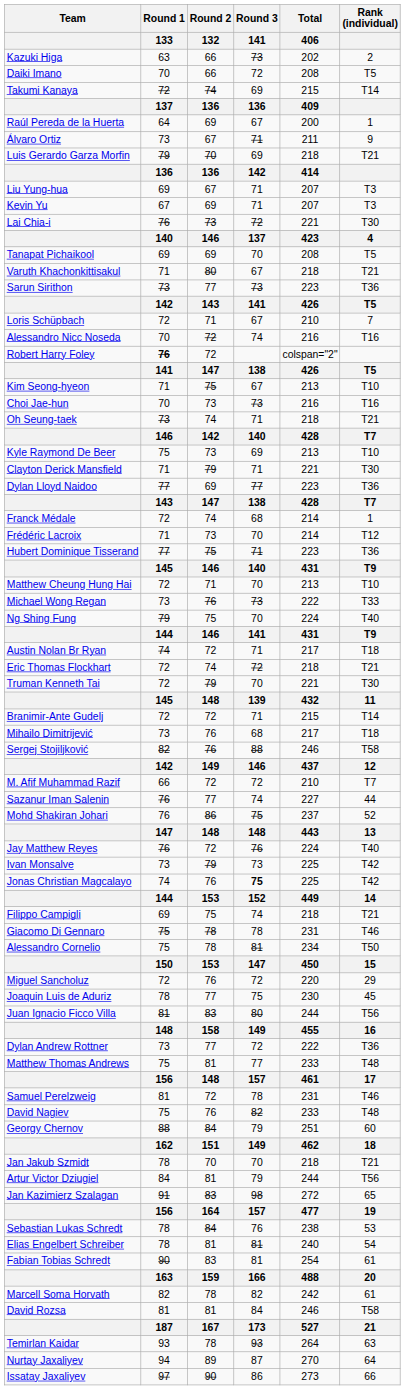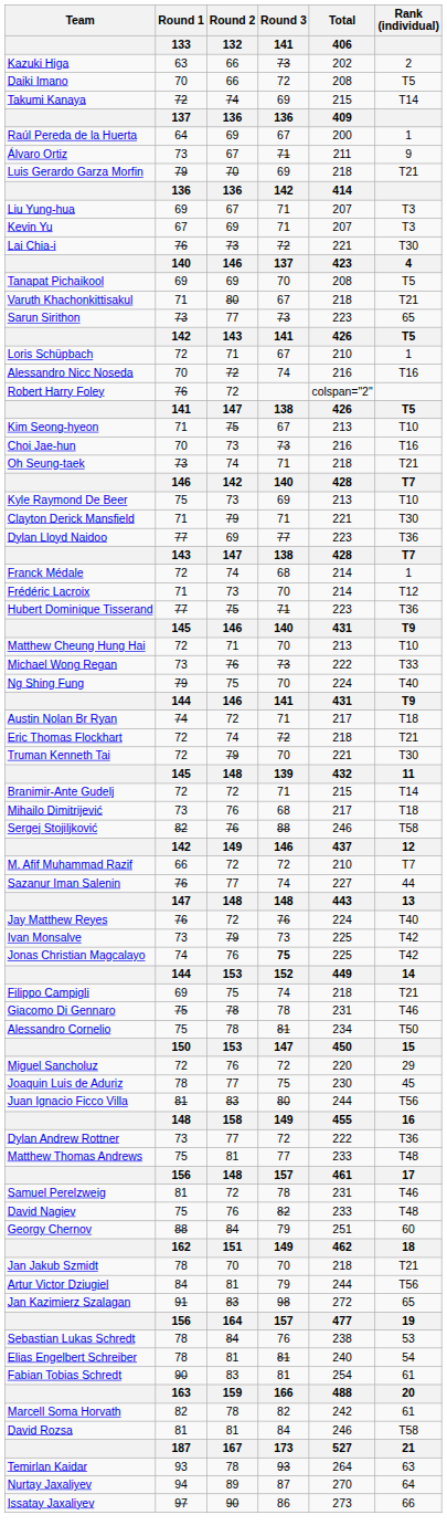 <table class="wikitable" style="text-align:center">
 <tr>
 <th>Team</th>
 <th>Round 1</th>
 <th>Round 2</th>
 <th>Round 3</th>
 <th>Total</th>
 <th>Rank<br>(individual)</th>
 </tr>
 <tr>
 <th></th>
 <th>133</th>
 <th>132</th>
 <th>141</th>
 <th>406</th>
 <th></th>
 </tr>
 <tr>
 <td align="left"><a href='#'>Kazuki Higa</a></td>
 <td>63</td>
 <td>66</td>
 <td><s>73</s></td>
 <td>202</td>
 <td>2</td>
 </tr>
 <tr>
 <td align="left"><a href='#'>Daiki Imano</a></td>
 <td>70</td>
 <td>66</td>
 <td>72</td>
 <td>208</td>
 <td>T5</td>
 </tr>
 <tr>
 <td align="left"><a href='#'>Takumi Kanaya</a></td>
 <td><s>72</s></td>
 <td><s>74</s></td>
 <td>69</td>
 <td>215</td>
 <td>T14</td>
 </tr>
 <tr>
 <th></th>
 <th>137</th>
 <th>136</th>
 <th>136</th>
 <th>409</th>
 <th></th>
 </tr>
 <tr>
 <td align="left"><a href='#'>Raúl Pereda de la Huerta</a></td>
 <td>64</td>
 <td>69</td>
 <td>67</td>
 <td>200</td>
 <td>1</td>
 </tr>
 <tr>
 <td align="left"><a href='#'>Álvaro Ortiz</a></td>
 <td>73</td>
 <td>67</td>
 <td><s>71</s></td>
 <td>211</td>
 <td>9</td>
 </tr>
 <tr>
 <td align="left"><a href='#'>Luis Gerardo Garza Morfin</a></td>
 <td><s>79</s></td>
 <td><s>70</s></td>
 <td>69</td>
 <td>218</td>
 <td>T21</td>
 </tr>
 <tr>
 <th></th>
 <th>136</th>
 <th>136</th>
 <th>142</th>
 <th>414</th>
 <th></th>
 </tr>
 <tr>
 <td align="left"><a href='#'>Liu Yung-hua</a></td>
 <td>69</td>
 <td>67</td>
 <td>71</td>
 <td>207</td>
 <td>T3</td>
 </tr>
 <tr>
 <td align="left"><a href='#'>Kevin Yu</a></td>
 <td>67</td>
 <td>69</td>
 <td>71</td>
 <td>207</td>
 <td>T3</td>
 </tr>
 <tr>
 <td align="left"><a href='#'>Lai Chia-i</a></td>
 <td><s>76</s></td>
 <td><s>73</s></td>
 <td><s>72</s></td>
 <td>221</td>
 <td>T30</td>
 </tr>
 <tr>
 <th></th>
 <th>140</th>
 <th>146</th>
 <th>137</th>
 <th>423</th>
 <th>4</th>
 </tr>
 <tr>
 <td align="left"><a href='#'>Tanapat Pichaikool</a></td>
 <td>69</td>
 <td>69</td>
 <td>70</td>
 <td>208</td>
 <td>T5</td>
 </tr>
 <tr>
 <td align="left"><a href='#'>Varuth Khachonkittisakul</a></td>
 <td>71</td>
 <td><s>80</s></td>
 <td>67</td>
 <td>218</td>
 <td>T21</td>
 </tr>
 <tr>
 <td align="left"><a href='#'>Sarun Sirithon</a></td>
 <td><s>73</s></td>
 <td>77</td>
 <td><s>73</s></td>
 <td>223</td>
-<td>T36</td>
+<td>65</td>
 </tr>
 <tr>
 <th></th>
 <th>142</th>
 <th>143</th>
 <th>141</th>
 <th>426</th>
 <th>T5</th>
 </tr>
 <tr>
 <td align="left"><a href='#'>Loris Schüpbach</a></td>
 <td>72</td>
 <td>71</td>
 <td>67</td>
 <td>210</td>
-<td>7</td>
+<td>1</td>
 </tr>
 <tr>
 <td align="left"><a href='#'>Alessandro Nicc Noseda</a></td>
 <td>70</td>
 <td><s>72</s></td>
 <td>74</td>
 <td>216</td>
 <td>T16</td>
 </tr>
 <tr>
 <td align="left"><a href='#'>Robert Harry Foley</a></td>
-<td><strong><s>76</s></strong></td>
+<td><s>76</s></td>
 <td>72</td>
 <td><strong></strong></td>
 <td>colspan="2" </td>
 </tr>
 <tr>
 <th></th>
 <th>141</th>
 <th>147</th>
 <th>138</th>
 <th>426</th>
 <th>T5</th>
 </tr>
 <tr>
 <td align="left"><a href='#'>Kim Seong-hyeon</a></td>
 <td>71</td>
 <td><s>75</s></td>
 <td>67</td>
 <td>213</td>
 <td>T10</td>
 </tr>
 <tr>
 <td align="left"><a href='#'>Choi Jae-hun</a></td>
 <td>70</td>
 <td>73</td>
 <td><s>73</s></td>
 <td>216</td>
 <td>T16</td>
 </tr>
 <tr>
 <td align="left"><a href='#'>Oh Seung-taek</a></td>
 <td><s>73</s></td>
 <td>74</td>
 <td>71</td>
 <td>218</td>
 <td>T21</td>
 </tr>
 <tr>
 <th></th>
 <th>146</th>
 <th>142</th>
 <th>140</th>
 <th>428</th>
 <th>T7</th>
 </tr>
 <tr>
 <td align="left"><a href='#'>Kyle Raymond De Beer</a></td>
 <td>75</td>
 <td>73</td>
 <td>69</td>
 <td>213</td>
 <td>T10</td>
 </tr>
 <tr>
 <td align="left"><a href='#'>Clayton Derick Mansfield</a></td>
 <td>71</td>
 <td><s>79</s></td>
 <td>71</td>
 <td>221</td>
 <td>T30</td>
 </tr>
 <tr>
 <td align="left"><a href='#'>Dylan Lloyd Naidoo</a></td>
 <td><s>77</s></td>
 <td>69</td>
 <td><s>77</s></td>
 <td>223</td>
 <td>T36</td>
 </tr>
 <tr>
 <th></th>
 <th>143</th>
 <th>147</th>
 <th>138</th>
 <th>428</th>
 <th>T7</th>
 </tr>
 <tr>
 <td align="left"><a href='#'>Franck Médale</a></td>
 <td>72</td>
 <td>74</td>
 <td>68</td>
 <td>214</td>
 <td>1</td>
 </tr>
 <tr>
 <td align="left"><a href='#'>Frédéric Lacroix</a></td>
 <td>71</td>
 <td>73</td>
 <td>70</td>
 <td>214</td>
 <td>T12</td>
 </tr>
 <tr>
 <td align="left"><a href='#'>Hubert Dominique Tisserand</a></td>
 <td><s>77</s></td>
 <td><s>75</s></td>
 <td><s>71</s></td>
 <td>223</td>
 <td>T36</td>
 </tr>
 <tr>
 <th></th>
 <th>145</th>
 <th>146</th>
 <th>140</th>
 <th>431</th>
 <th>T9</th>
 </tr>
 <tr>
 <td align="left"><a href='#'>Matthew Cheung Hung Hai</a></td>
 <td>72</td>
 <td>71</td>
 <td>70</td>
 <td>213</td>
 <td>T10</td>
 </tr>
 <tr>
 <td align="left"><a href='#'>Michael Wong Regan</a></td>
 <td>73</td>
 <td><s>76</s></td>
 <td><s>73</s></td>
 <td>222</td>
 <td>T33</td>
 </tr>
 <tr>
 <td align="left"><a href='#'>Ng Shing Fung</a></td>
 <td><s>79</s></td>
 <td>75</td>
 <td>70</td>
 <td>224</td>
 <td>T40</td>
 </tr>
 <tr>
 <th></th>
 <th>144</th>
 <th>146</th>
 <th>141</th>
 <th>431</th>
 <th>T9</th>
 </tr>
 <tr>
 <td align="left"><a href='#'>Austin Nolan Br Ryan</a></td>
 <td><s>74</s></td>
 <td>72</td>
 <td>71</td>
 <td>217</td>
 <td>T18</td>
 </tr>
 <tr>
 <td align="left"><a href='#'>Eric Thomas Flockhart</a></td>
 <td>72</td>
 <td>74</td>
 <td><s>72</s></td>
 <td>218</td>
 <td>T21</td>
 </tr>
 <tr>
 <td align="left"><a href='#'>Truman Kenneth Tai</a></td>
 <td>72</td>
 <td><s>79</s></td>
 <td>70</td>
 <td>221</td>
 <td>T30</td>
 </tr>
 <tr>
 <th></th>
 <th>145</th>
 <th>148</th>
 <th>139</th>
 <th>432</th>
 <th>11</th>
 </tr>
 <tr>
 <td align="left"><a href='#'>Branimir-Ante Gudelj</a></td>
 <td>72</td>
 <td>72</td>
 <td>71</td>
 <td>215</td>
 <td>T14</td>
 </tr>
 <tr>
 <td align="left"><a href='#'>Mihailo Dimitrijević</a></td>
 <td>73</td>
 <td>76</td>
 <td>68</td>
 <td>217</td>
 <td>T18</td>
 </tr>
 <tr>
 <td align="left"><a href='#'>Sergej Stojiljković</a></td>
 <td><s>82</s></td>
 <td><s>76</s></td>
 <td><s>88</s></td>
 <td>246</td>
 <td>T58</td>
 </tr>
 <tr>
 <th></th>
 <th>142</th>
 <th>149</th>
 <th>146</th>
 <th>437</th>
 <th>12</th>
 </tr>
 <tr>
 <td align="left"><a href='#'>M. Afif Muhammad Razif</a></td>
 <td>66</td>
 <td>72</td>
 <td>72</td>
 <td>210</td>
 <td>T7</td>
 </tr>
 <tr>
 <td align="left"><a href='#'>Sazanur Iman Salenin</a></td>
 <td><s>76</s></td>
 <td>77</td>
 <td>74</td>
 <td>227</td>
 <td>44</td>
-</tr>
-<tr>
-<td align="left"><a href='#'>Mohd Shakiran Johari</a></td>
-<td>76</td>
-<td><s>86</s></td>
-<td><s>75</s></td>
-<td>237</td>
-<td>52</td>
 </tr>
 <tr>
 <th></th>
 <th>147</th>
 <th>148</th>
 <th>148</th>
 <th>443</th>
 <th>13</th>
 </tr>
 <tr>
 <td align="left"><a href='#'>Jay Matthew Reyes</a></td>
 <td><s>76</s></td>
 <td>72</td>
 <td><s>76</s></td>
 <td>224</td>
 <td>T40</td>
 </tr>
 <tr>
 <td align="left"><a href='#'>Ivan Monsalve</a></td>
 <td>73</td>
 <td><s>79</s></td>
 <td>73</td>
 <td>225</td>
 <td>T42</td>
 </tr>
 <tr>
 <td align="left"><a href='#'>Jonas Christian Magcalayo</a></td>
 <td>74</td>
 <td>76</td>
 <td><strong>75</strong></td>
 <td>225</td>
 <td>T42</td>
 </tr>
 <tr>
 <th></th>
 <th>144</th>
 <th>153</th>
 <th>152</th>
 <th>449</th>
 <th>14</th>
 </tr>
 <tr>
 <td align="left"><a href='#'>Filippo Campigli</a></td>
 <td>69</td>
 <td>75</td>
 <td>74</td>
 <td>218</td>
 <td>T21</td>
 </tr>
 <tr>
 <td align="left"><a href='#'>Giacomo Di Gennaro</a></td>
 <td><s>75</s></td>
 <td><s>78</s></td>
 <td>78</td>
 <td>231</td>
 <td>T46</td>
 </tr>
 <tr>
 <td align="left"><a href='#'>Alessandro Cornelio</a></td>
 <td>75</td>
 <td>78</td>
 <td><s>81</s></td>
 <td>234</td>
 <td>T50</td>
 </tr>
 <tr>
 <th></th>
 <th>150</th>
 <th>153</th>
 <th>147</th>
 <th>450</th>
 <th>15</th>
 </tr>
 <tr>
 <td align="left"><a href='#'>Miguel Sancholuz</a></td>
 <td>72</td>
 <td>76</td>
 <td>72</td>
 <td>220</td>
 <td>29</td>
 </tr>
 <tr>
 <td align="left"><a href='#'>Joaquin Luis de Aduriz</a></td>
 <td>78</td>
 <td>77</td>
 <td>75</td>
 <td>230</td>
 <td>45</td>
 </tr>
 <tr>
 <td align="left"><a href='#'>Juan Ignacio Ficco Villa</a></td>
 <td><s>81</s></td>
 <td><s>83</s></td>
 <td><s>80</s></td>
 <td>244</td>
 <td>T56</td>
 </tr>
 <tr>
 <th></th>
 <th>148</th>
 <th>158</th>
 <th>149</th>
 <th>455</th>
 <th>16</th>
 </tr>
 <tr>
 <td align="left"><a href='#'>Dylan Andrew Rottner</a></td>
 <td>73</td>
 <td>77</td>
 <td>72</td>
 <td>222</td>
 <td>T36</td>
 </tr>
 <tr>
 <td align="left"><a href='#'>Matthew Thomas Andrews</a></td>
 <td>75</td>
 <td>81</td>
 <td>77</td>
 <td>233</td>
 <td>T48</td>
 </tr>
 <tr>
 <th></th>
 <th>156</th>
 <th>148</th>
 <th>157</th>
 <th>461</th>
 <th>17</th>
 </tr>
 <tr>
 <td align="left"><a href='#'>Samuel Perelzweig</a></td>
 <td>81</td>
 <td>72</td>
 <td>78</td>
 <td>231</td>
 <td>T46</td>
 </tr>
 <tr>
 <td align="left"><a href='#'>David Nagiev</a></td>
 <td>75</td>
 <td>76</td>
 <td><s>82</s></td>
 <td>233</td>
 <td>T48</td>
 </tr>
 <tr>
 <td align="left"><a href='#'>Georgy Chernov</a></td>
 <td><s>88</s></td>
 <td><s>84</s></td>
 <td>79</td>
 <td>251</td>
 <td>60</td>
 </tr>
 <tr>
 <th></th>
 <th>162</th>
 <th>151</th>
 <th>149</th>
 <th>462</th>
 <th>18</th>
 </tr>
 <tr>
 <td align="left"><a href='#'>Jan Jakub Szmidt</a></td>
 <td>78</td>
 <td>70</td>
 <td>70</td>
 <td>218</td>
 <td>T21</td>
 </tr>
 <tr>
 <td align="left"><a href='#'>Artur Victor Dziugiel</a></td>
 <td>84</td>
 <td>81</td>
 <td>79</td>
 <td>244</td>
 <td>T56</td>
 </tr>
 <tr>
 <td align="left"><a href='#'>Jan Kazimierz Szalagan</a></td>
 <td><s>91</s></td>
 <td><s>83</s></td>
 <td><s>98</s></td>
 <td>272</td>
 <td>65</td>
 </tr>
 <tr>
 <th></th>
 <th>156</th>
 <th>164</th>
 <th>157</th>
 <th>477</th>
 <th>19</th>
 </tr>
 <tr>
 <td align="left"><a href='#'>Sebastian Lukas Schredt</a></td>
 <td>78</td>
 <td><s>84</s></td>
 <td>76</td>
 <td>238</td>
 <td>53</td>
 </tr>
 <tr>
 <td align="left"><a href='#'>Elias Engelbert Schreiber</a></td>
 <td>78</td>
 <td>81</td>
 <td><s>81</s></td>
 <td>240</td>
 <td>54</td>
 </tr>
 <tr>
 <td align="left"><a href='#'>Fabian Tobias Schredt</a></td>
 <td><s>90</s></td>
 <td>83</td>
 <td>81</td>
 <td>254</td>
 <td>61</td>
 </tr>
 <tr>
 <th></th>
 <th>163</th>
 <th>159</th>
 <th>166</th>
 <th>488</th>
 <th>20</th>
 </tr>
 <tr>
 <td align="left"><a href='#'>Marcell Soma Horvath</a></td>
 <td>82</td>
 <td>78</td>
 <td>82</td>
 <td>242</td>
 <td>61</td>
 </tr>
 <tr>
 <td align="left"><a href='#'>David Rozsa</a></td>
 <td>81</td>
 <td>81</td>
 <td>84</td>
 <td>246</td>
 <td>T58</td>
 </tr>
 <tr>
 <th></th>
 <th>187</th>
 <th>167</th>
 <th>173</th>
 <th>527</th>
 <th>21</th>
 </tr>
 <tr>
 <td align="left"><a href='#'>Temirlan Kaidar</a></td>
 <td>93</td>
 <td>78</td>
 <td><s>93</s></td>
 <td>264</td>
 <td>63</td>
 </tr>
 <tr>
 <td align="left"><a href='#'>Nurtay Jaxaliyev</a></td>
 <td>94</td>
 <td>89</td>
 <td>87</td>
 <td>270</td>
 <td>64</td>
 </tr>
 <tr>
 <td align="left"><a href='#'>Issatay Jaxaliyev</a></td>
 <td><s>97</s></td>
 <td><s>90</s></td>
 <td>86</td>
 <td>273</td>
 <td>66</td>
 </tr>
 </table>
